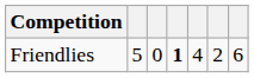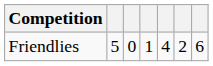 <table class="wikitable">
 <tr>
 <th>Competition</th>
 <th></th>
 <th></th>
 <th></th>
 <th></th>
 <th></th>
 <th></th>
 </tr>
 <tr align=center>
 <td align=left>Friendlies</td>
 <td>5</td>
 <td>0</td>
-<td><strong>1</strong></td>
+<td>1</td>
 <td>4</td>
 <td>2</td>
 <td>6</td>
 </tr>
 </table>
